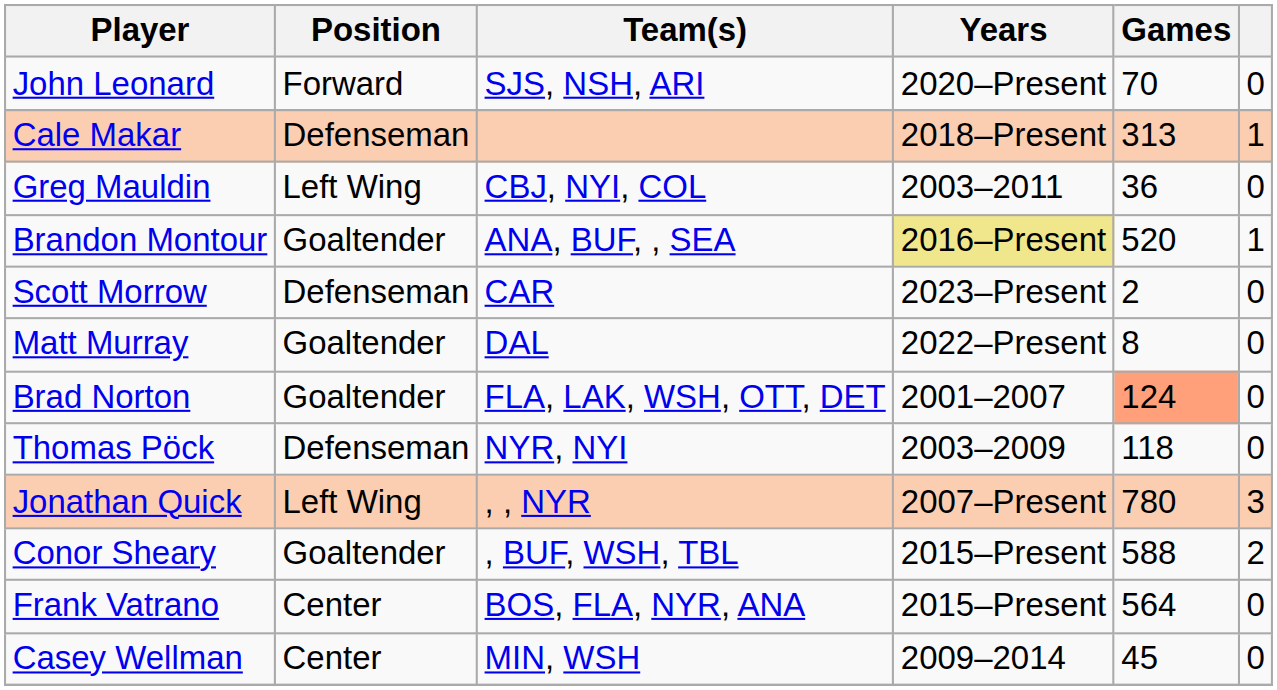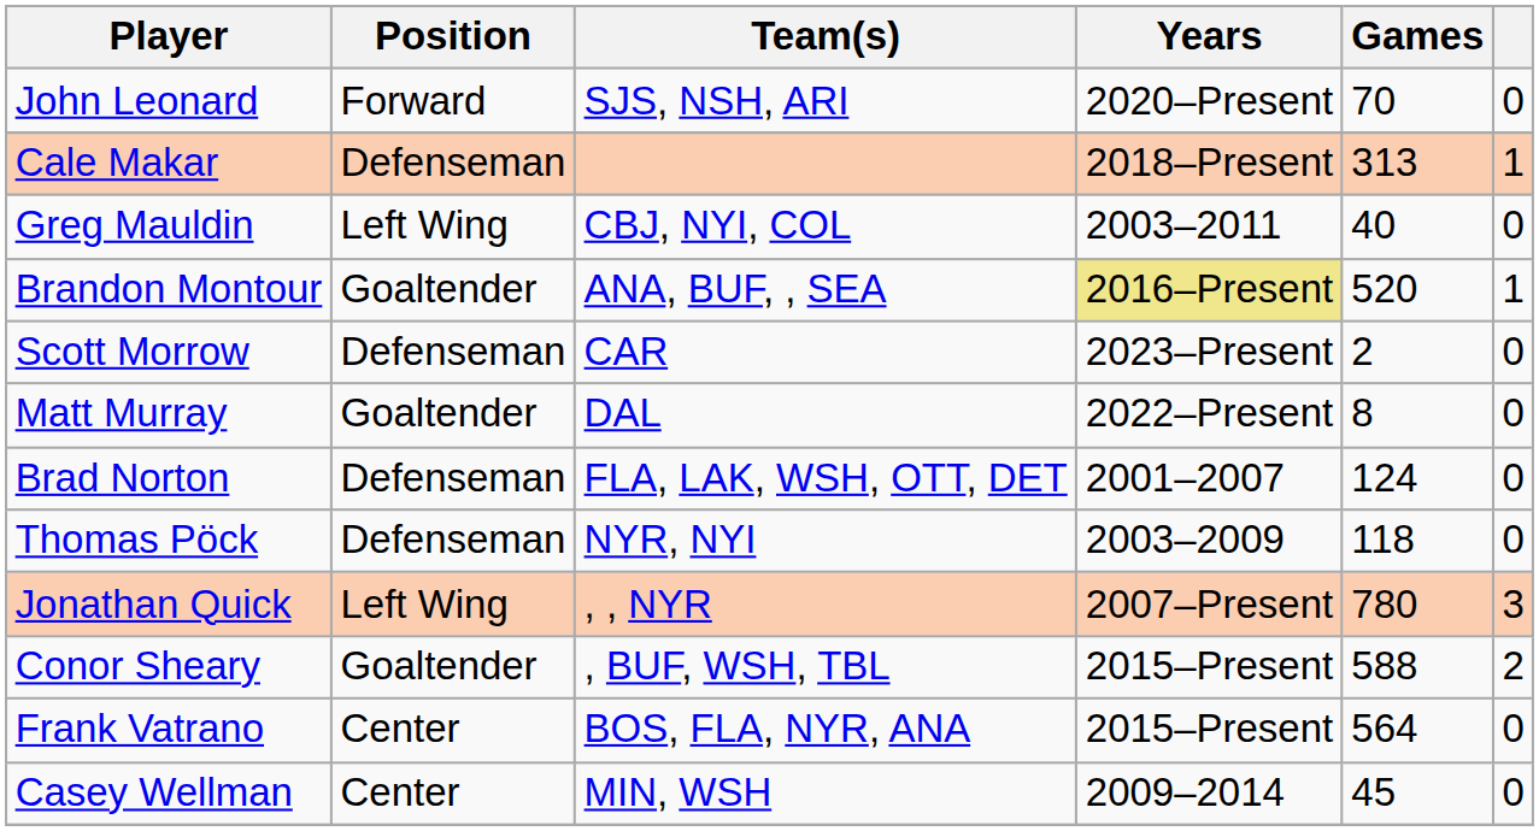 <table class="wikitable sortable">
 <tr>
 <th>Player</th>
 <th>Position</th>
 <th>Team(s)</th>
 <th>Years</th>
 <th>Games</th>
 <th><a href='#'></a></th>
 </tr>
 <tr>
 <td><a href='#'>John Leonard</a></td>
 <td>Forward</td>
 <td><a href='#'>SJS</a>, <a href='#'>NSH</a>, <a href='#'>ARI</a></td>
 <td>2020–Present</td>
 <td>70</td>
 <td>0</td>
 </tr>
 <tr>
 </tr>
 <tr bgcolor=#FBCEB1>
 <td><a href='#'>Cale Makar</a></td>
 <td>Defenseman</td>
 <td><span><strong></strong></span></td>
 <td>2018–Present</td>
 <td>313</td>
 <td>1</td>
 </tr>
 <tr>
 <td><a href='#'>Greg Mauldin</a></td>
 <td>Left Wing</td>
 <td><a href='#'>CBJ</a>, <a href='#'>NYI</a>, <a href='#'>COL</a></td>
 <td>2003–2011</td>
-<td>36</td>
+<td>40</td>
 <td>0</td>
 </tr>
 <tr>
 <td><a href='#'>Brandon Montour</a></td>
 <td>Goaltender</td>
 <td><a href='#'>ANA</a>, <a href='#'>BUF</a>, <span><strong></strong></span>, <a href='#'>SEA</a></td>
 <td style="background: khaki;">2016–Present</td>
 <td>520</td>
 <td>1</td>
 </tr>
 <tr>
 <td><a href='#'>Scott Morrow</a></td>
 <td>Defenseman</td>
 <td><a href='#'>CAR</a></td>
 <td>2023–Present</td>
 <td>2</td>
 <td>0</td>
 </tr>
 <tr>
 <td><a href='#'>Matt Murray</a></td>
 <td>Goaltender</td>
 <td><a href='#'>DAL</a></td>
 <td>2022–Present</td>
 <td>8</td>
 <td>0</td>
 </tr>
 <tr>
 <td><a href='#'>Brad Norton</a></td>
-<td>Goaltender</td>
+<td>Defenseman</td>
 <td><a href='#'>FLA</a>, <a href='#'>LAK</a>, <a href='#'>WSH</a>, <a href='#'>OTT</a>, <a href='#'>DET</a></td>
 <td>2001–2007</td>
-<td style="background: lightsalmon;">124</td>
+<td>124</td>
 <td>0</td>
 </tr>
 <tr>
 <td><a href='#'>Thomas Pöck</a></td>
 <td>Defenseman</td>
 <td><a href='#'>NYR</a>, <a href='#'>NYI</a></td>
 <td>2003–2009</td>
 <td>118</td>
 <td>0</td>
 </tr>
 <tr bgcolor=#FBCEB1>
 <td><a href='#'>Jonathan Quick</a></td>
 <td>Left Wing</td>
 <td><span><strong></strong></span>, <span><strong></strong></span>, <a href='#'>NYR</a></td>
 <td>2007–Present</td>
 <td>780</td>
 <td>3</td>
 </tr>
 <tr>
 <td><a href='#'>Conor Sheary</a></td>
 <td>Goaltender</td>
 <td><span><strong></strong></span>, <a href='#'>BUF</a>, <a href='#'>WSH</a>, <a href='#'>TBL</a></td>
 <td>2015–Present</td>
 <td>588</td>
 <td>2</td>
 </tr>
 <tr>
 <td><a href='#'>Frank Vatrano</a></td>
 <td>Center</td>
 <td><a href='#'>BOS</a>, <a href='#'>FLA</a>, <a href='#'>NYR</a>, <a href='#'>ANA</a></td>
 <td>2015–Present</td>
 <td>564</td>
 <td>0</td>
 </tr>
 <tr>
 <td><a href='#'>Casey Wellman</a></td>
 <td>Center</td>
 <td><a href='#'>MIN</a>, <a href='#'>WSH</a></td>
 <td>2009–2014</td>
 <td>45</td>
 <td>0</td>
 </tr>
 <tr>
 </tr>
 </table>
